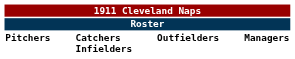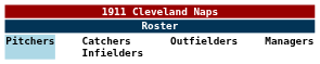 <table class="toccolours" style="font-size: 95%;">
 <tr>
 <th colspan="10" style="background-color: #990000; color: white; text-align: center;">1911 Cleveland Naps</th>
 </tr>
 <tr>
 <td colspan="10" style="background-color: #023456; color: white; text-align: center;"><strong>Roster</strong></td>
 </tr>
 <tr>
-<td valign="top"><strong>Pitchers</strong><br>               </td>
+<td valign="top" style="background: lightblue;"><strong>Pitchers</strong><br>               </td>
 <td width="25px"></td>
 <td valign="top"><strong>Catchers</strong><br>     <strong>Infielders</strong>           </td>
 <td width="25px"></td>
 <td valign="top"><strong>Outfielders</strong><br>     </td>
 <td width="25px"></td>
 <td valign="top"><strong>Managers</strong><br> </td>
 </tr>
 </table>
